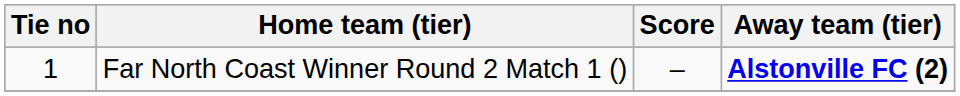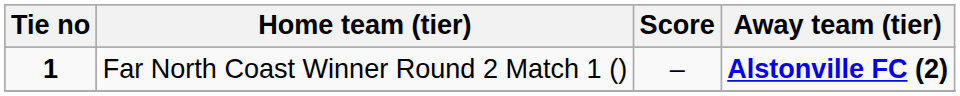 <table class="wikitable" style="text-align:center">
 <tr>
 <th>Tie no</th>
 <th>Home team (tier)</th>
 <th>Score</th>
 <th>Away team (tier)</th>
 </tr>
 <tr>
-<td>1</td>
+<td><strong>1</strong></td>
 <td>Far North Coast Winner Round 2 Match 1 ()</td>
 <td>–</td>
 <td><strong><a href='#'>Alstonville FC</a> (2)</strong></td>
 </tr>
 <tr>
 </tr>
 </table>
